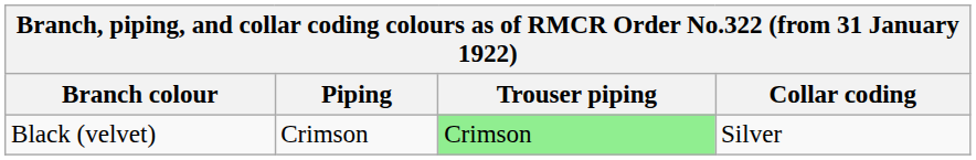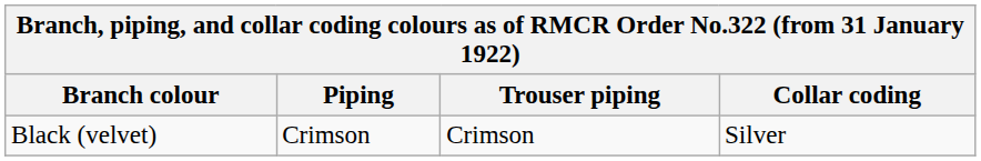 <table class="wikitable">
 <tr>
 <th colspan="4">Branch, piping, and collar coding colours as of RMCR Order No.322 (from 31 January 1922)</th>
 </tr>
 <tr>
 <th>Branch colour</th>
 <th>Piping</th>
 <th>Trouser piping</th>
 <th>Collar coding</th>
 </tr>
 <tr>
 <td>Black (velvet)</td>
 <td>Crimson</td>
-<td style="background: lightgreen;">Crimson</td>
+<td>Crimson</td>
 <td>Silver</td>
 </tr>
 </table>
